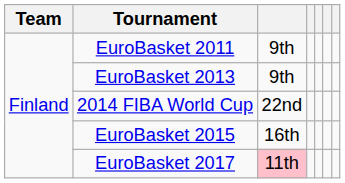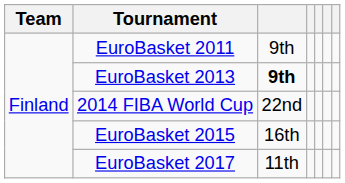 <table class="wikitable" style=" text-align:center;">
 <tr>
 <th>Team</th>
 <th>Tournament</th>
 <th></th>
 <th></th>
 <th></th>
 <th></th>
 <th></th>
 </tr>
 <tr>
 <td rowspan=5><a href='#'>Finland</a></td>
 <td><a href='#'>EuroBasket 2011</a></td>
 <td>9th</td>
 <td></td>
 <td></td>
 <td></td>
 <td></td>
 </tr>
 <tr>
 <td><a href='#'>EuroBasket 2013</a></td>
-<td>9th</td>
+<td><strong>9th</strong></td>
 <td></td>
 <td></td>
 <td></td>
 <td></td>
 </tr>
 <tr>
 <td><a href='#'>2014 FIBA World Cup</a></td>
 <td>22nd</td>
 <td></td>
 <td></td>
 <td></td>
 <td></td>
 </tr>
 <tr>
 <td><a href='#'>EuroBasket 2015</a></td>
 <td>16th</td>
 <td></td>
 <td></td>
 <td></td>
 <td></td>
 </tr>
 <tr>
 <td><a href='#'>EuroBasket 2017</a></td>
-<td style="background: pink;">11th</td>
+<td>11th</td>
 <td></td>
 <td></td>
 <td></td>
 <td></td>
 </tr>
 </table>
